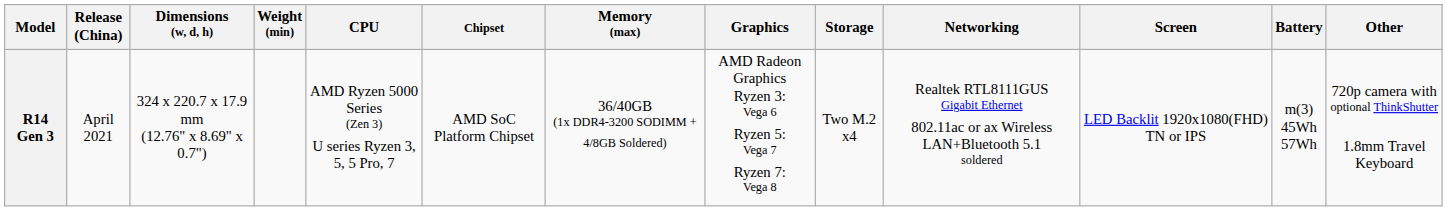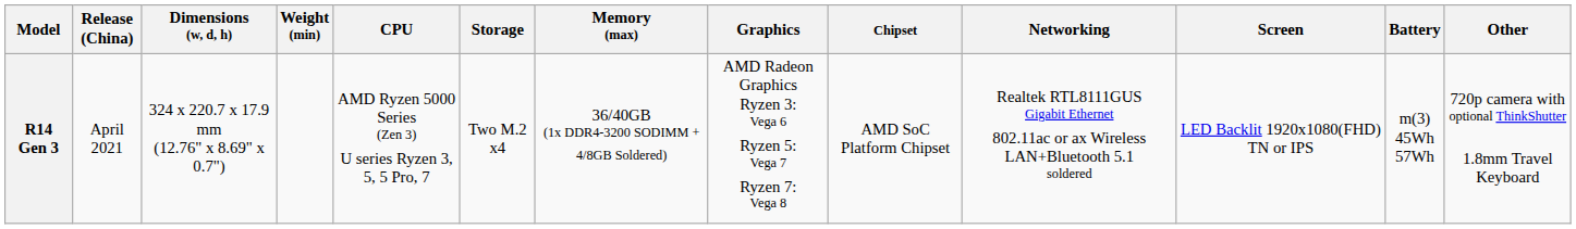 <table class="wikitable" style="font-size:80%; text-align:center">
 <tr>
 <th>Model</th>
 <th>Release<br>(China)</th>
 <th>Dimensions <br><sup>(w, d, h)</sup></th>
 <th>Weight <br><sup>(min)</sup></th>
 <th>CPU</th>
-<th><small>Chipset</small></th>
+<th>Storage</th>
 <th>Memory <br><sup>(max)</sup></th>
 <th>Graphics</th>
-<th>Storage</th>
+<th><small>Chipset</small></th>
 <th>Networking</th>
 <th>Screen</th>
 <th>Battery</th>
 <th>Other</th>
 </tr>
 <tr>
 <th>R14 Gen 3  </th>
 <td>April 2021</td>
 <td>324 x 220.7 x 17.9 mm <br>(12.76" x 8.69" x 0.7")</td>
 <td></td>
 <td style="background:">AMD Ryzen 5000 Series <br><sup>(Zen 3)</sup> <br> U series Ryzen 3, 5, 5 Pro, 7</td>
-<td>AMD SoC Platform Chipset</td>
+<td style="background:">Two M.2 x4</td>
 <td style="background:">36/40GB <br><sup>(1x DDR4-3200 SODIMM + 4/8GB Soldered)</sup></td>
 <td style="background:">AMD Radeon Graphics <br>Ryzen 3: <br><sup>Vega 6</sup> <br>Ryzen 5: <br><sup>Vega 7</sup> <br>Ryzen 7: <br><sup>Vega 8</sup></td>
-<td style="background:">Two M.2 x4</td>
+<td>AMD SoC Platform Chipset</td>
 <td>Realtek RTL8111GUS <br><sup><a href='#'>Gigabit Ethernet</a></sup> <br>802.11ac or ax Wireless LAN+Bluetooth 5.1<br><sup>soldered</sup></td>
 <td style="background:"><a href='#'>LED Backlit</a> 1920x1080(FHD) TN or IPS</td>
 <td style="background:">m(3) <br>45Wh<br>57Wh</td>
 <td>720p camera with <br><sup>optional <a href='#'>ThinkShutter</a></sup> <br><br>1.8mm Travel Keyboard</td>
 </tr>
 </table>
